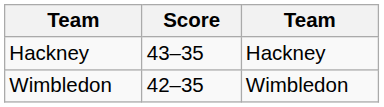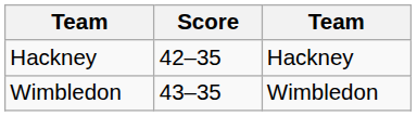 <table class="wikitable" style="font-size: 100%">
 <tr>
 <th width=100>Team</th>
 <th width=70>Score</th>
 <th width=100>Team</th>
 </tr>
 <tr>
 <td>Hackney</td>
-<td>43–35</td>
+<td>42–35</td>
 <td>Hackney</td>
 </tr>
 <tr>
 <td>Wimbledon</td>
-<td>42–35</td>
+<td>43–35</td>
 <td>Wimbledon</td>
 </tr>
 </table>
